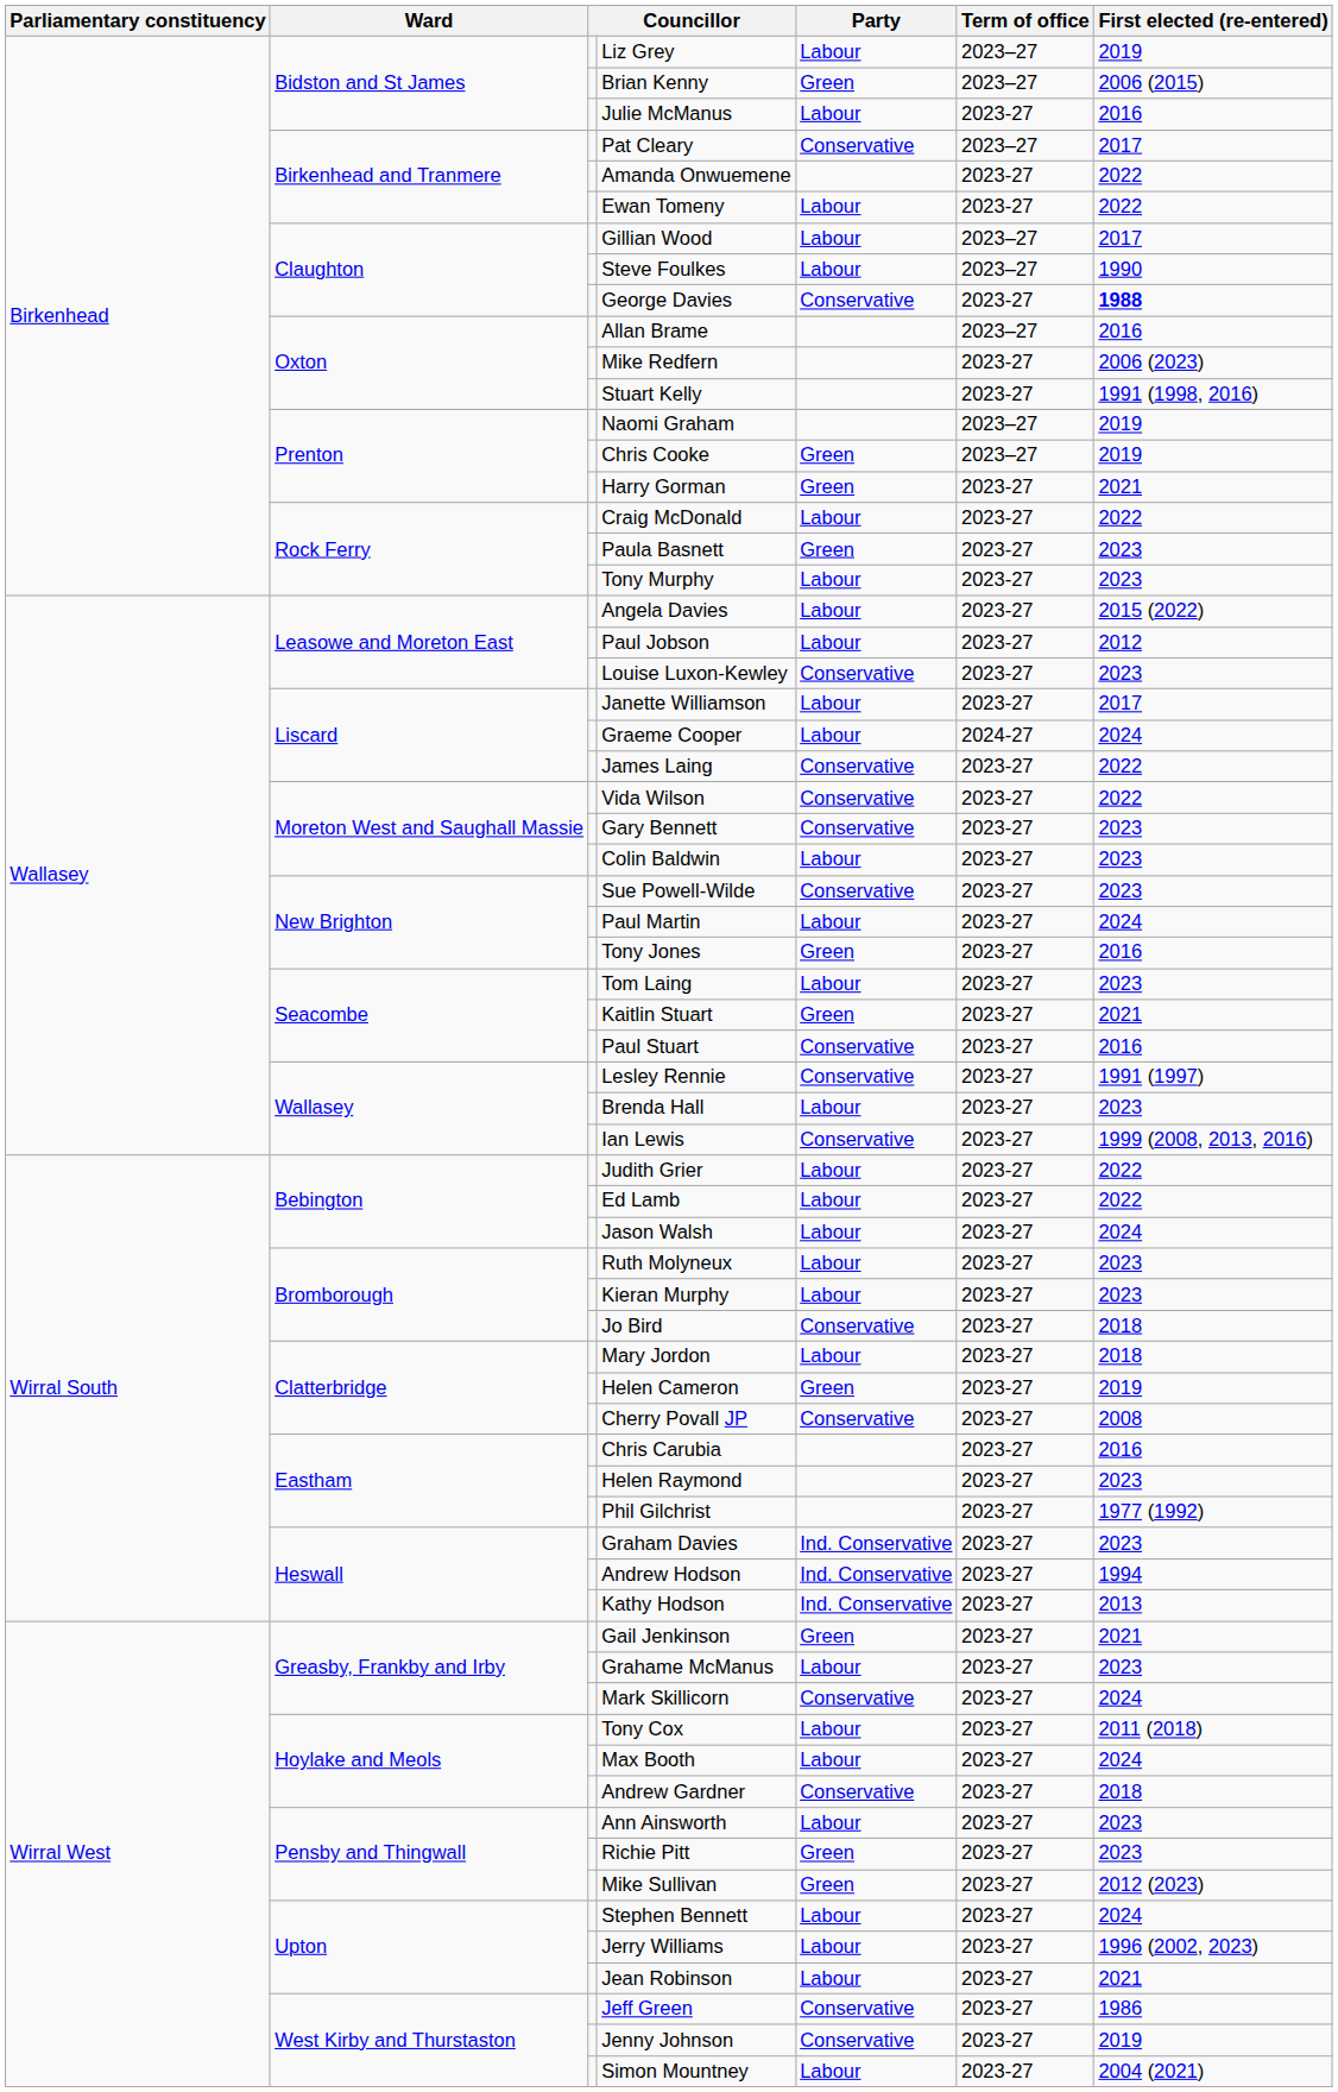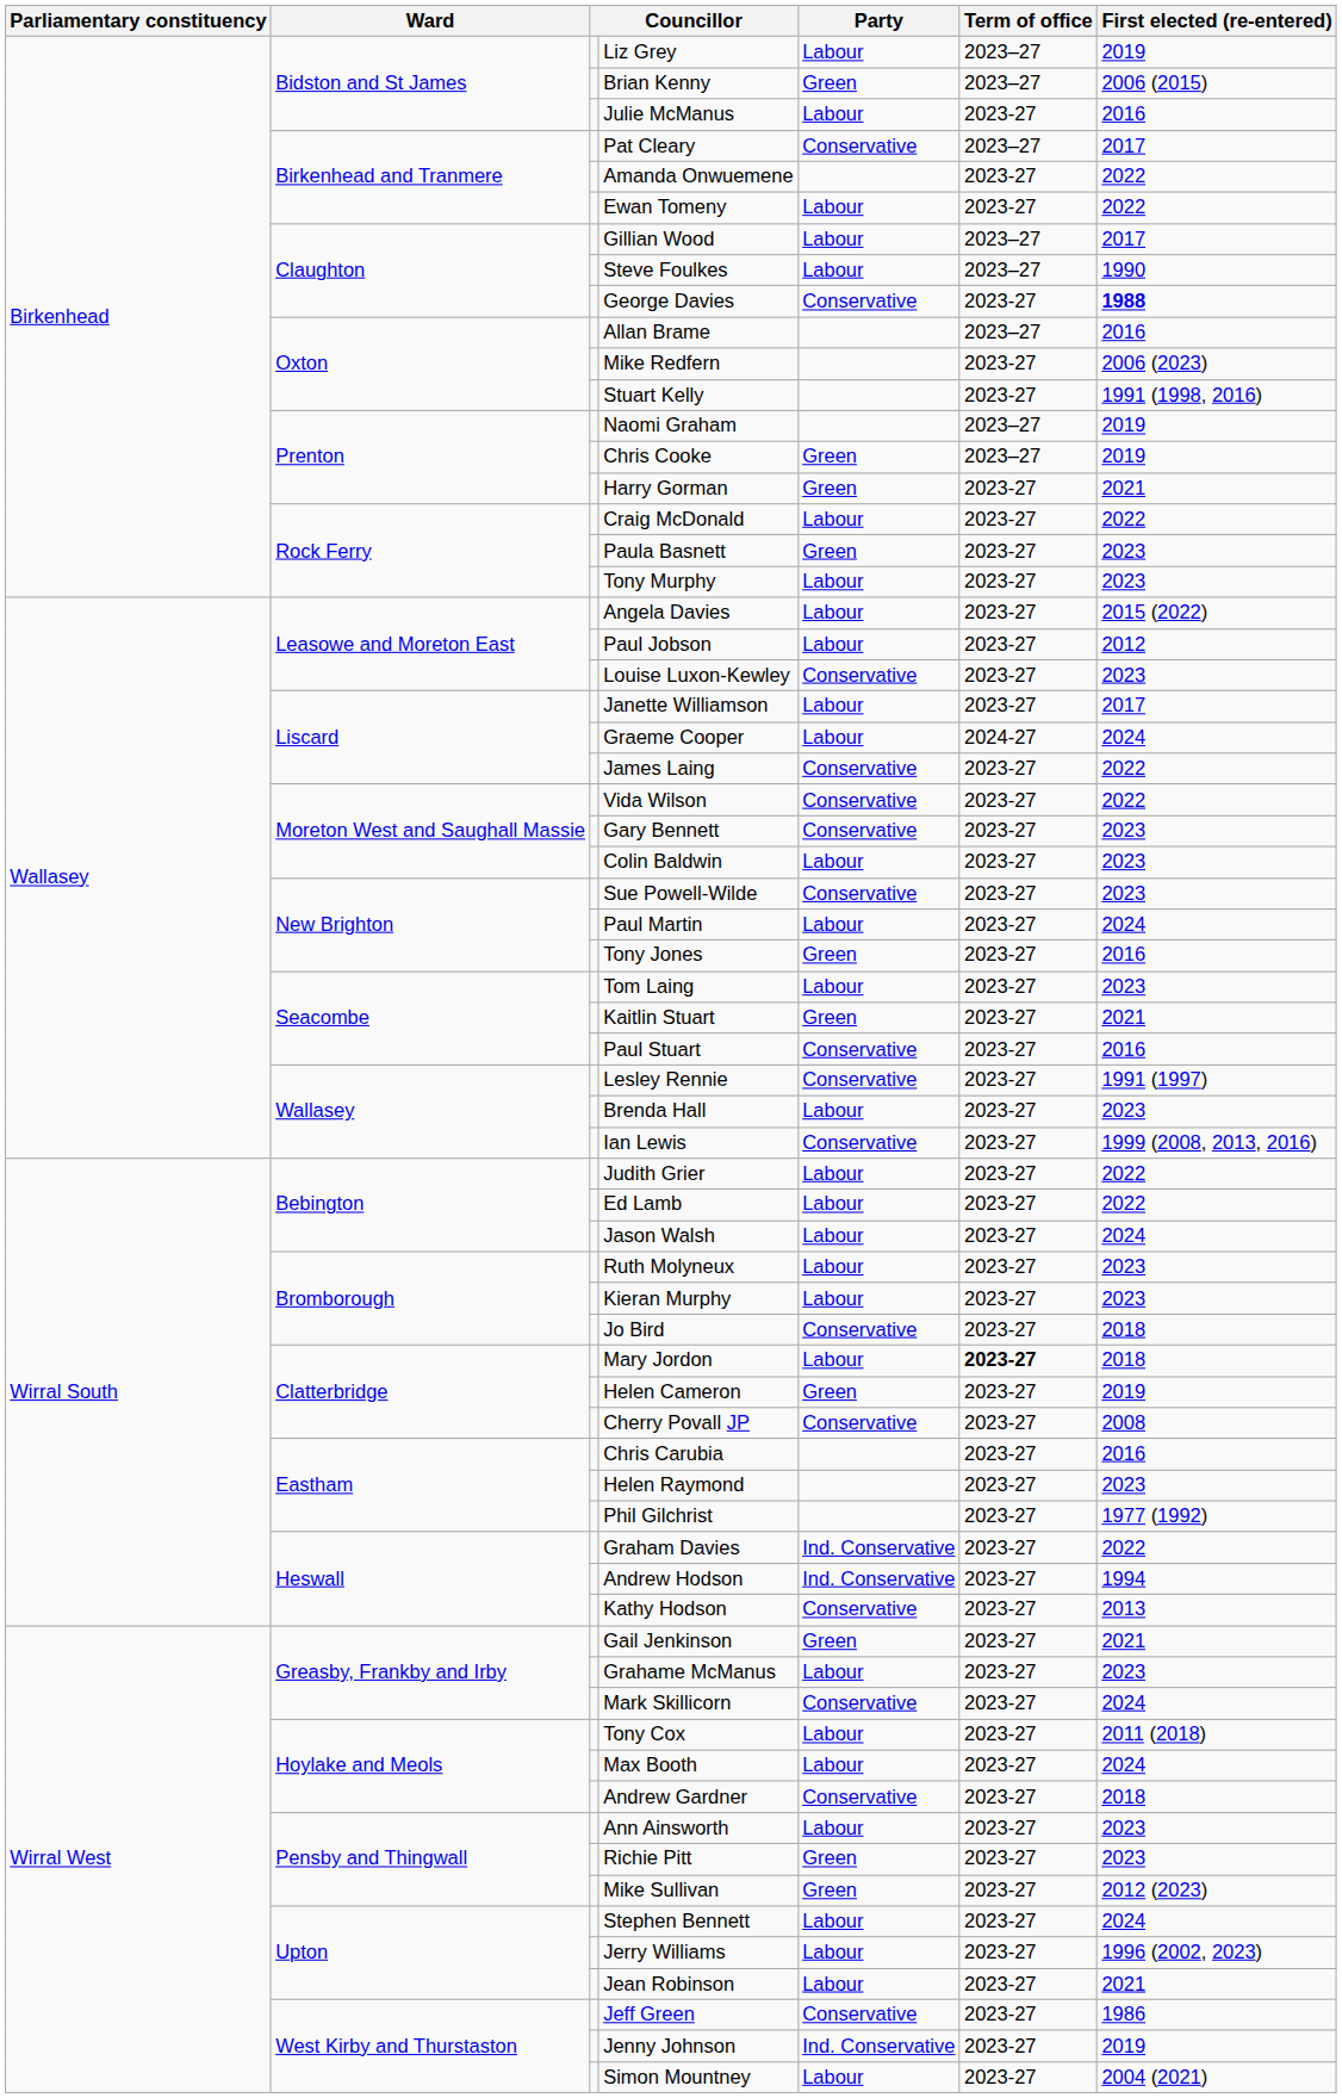 <table class="wikitable sortable">
 <tr>
 <th>Parliamentary constituency</th>
 <th>Ward</th>
 <th colspan="2">Councillor</th>
 <th>Party</th>
 <th>Term of office</th>
 <th>First elected (re-entered)</th>
 </tr>
 <tr>
 <td rowspan=18><a href='#'>Birkenhead</a></td>
 <td rowspan="3"><a href='#'>Bidston and St James</a></td>
 <td style="background-color: "></td>
 <td>Liz Grey</td>
 <td><a href='#'>Labour</a></td>
 <td>2023–27</td>
 <td><a href='#'>2019</a></td>
 </tr>
 <tr>
 <td style="background-color: "></td>
 <td>Brian Kenny</td>
 <td><a href='#'>Green</a></td>
 <td>2023–27</td>
 <td><a href='#'>2006</a> (<a href='#'>2015</a>)</td>
 </tr>
 <tr>
 <td style="background-color: "></td>
 <td>Julie McManus</td>
 <td><a href='#'>Labour</a></td>
 <td>2023-27</td>
 <td><a href='#'>2016</a></td>
 </tr>
 <tr>
 <td rowspan="3"><a href='#'>Birkenhead and Tranmere</a></td>
 <td style="background-color: "></td>
 <td>Pat Cleary</td>
 <td><a href='#'>Conservative</a></td>
 <td>2023–27</td>
 <td><a href='#'>2017</a></td>
 </tr>
 <tr>
 <td style="background-color: "></td>
 <td>Amanda Onwuemene</td>
 <td></td>
 <td>2023-27</td>
 <td><a href='#'>2022</a></td>
 </tr>
 <tr>
 <td style="background-color: "></td>
 <td>Ewan Tomeny</td>
 <td><a href='#'>Labour</a></td>
 <td>2023-27</td>
 <td><a href='#'>2022</a></td>
 </tr>
 <tr>
 <td rowspan="3"><a href='#'>Claughton</a></td>
 <td style="background-color: "></td>
 <td>Gillian Wood</td>
 <td><a href='#'>Labour</a></td>
 <td>2023–27</td>
 <td><a href='#'>2017</a></td>
 </tr>
 <tr>
 <td style="background-color: "></td>
 <td>Steve Foulkes</td>
 <td><a href='#'>Labour</a></td>
 <td>2023–27</td>
 <td><a href='#'>1990</a></td>
 </tr>
 <tr>
 <td style="background-color: "></td>
 <td>George Davies</td>
 <td><a href='#'>Conservative</a></td>
 <td>2023-27</td>
 <td><strong><a href='#'>1988</a></strong></td>
 </tr>
 <tr>
 <td rowspan="3"><a href='#'>Oxton</a></td>
 <td style="background-color: "></td>
 <td>Allan Brame</td>
 <td><a href='#'></a></td>
 <td>2023–27</td>
 <td><a href='#'>2016</a></td>
 </tr>
 <tr>
 <td style="background-color: "></td>
 <td>Mike Redfern</td>
 <td><a href='#'></a></td>
 <td>2023-27</td>
 <td><a href='#'>2006</a> (<a href='#'>2023</a>)</td>
 </tr>
 <tr>
 <td style="background-color: "></td>
 <td>Stuart Kelly</td>
 <td><a href='#'></a></td>
 <td>2023-27</td>
 <td><a href='#'>1991</a> (<a href='#'>1998</a>, <a href='#'>2016</a>)</td>
 </tr>
 <tr>
 <td rowspan="3"><a href='#'>Prenton</a></td>
 <td style="background-color: "></td>
 <td>Naomi Graham</td>
 <td></td>
 <td>2023–27</td>
 <td><a href='#'>2019</a></td>
 </tr>
 <tr>
 <td style="background-color: "></td>
 <td>Chris Cooke</td>
 <td><a href='#'>Green</a></td>
 <td>2023–27</td>
 <td><a href='#'>2019</a></td>
 </tr>
 <tr>
 <td style="background-color: "></td>
 <td>Harry Gorman</td>
 <td><a href='#'>Green</a></td>
 <td>2023-27</td>
 <td><a href='#'>2021</a></td>
 </tr>
 <tr>
 <td rowspan="3"><a href='#'>Rock Ferry</a></td>
 <td style="background-color: "></td>
 <td>Craig McDonald</td>
 <td><a href='#'>Labour</a></td>
 <td>2023-27</td>
 <td><a href='#'>2022</a></td>
 </tr>
 <tr>
 <td style="background-color: "></td>
 <td>Paula Basnett</td>
 <td><a href='#'>Green</a></td>
 <td>2023-27</td>
 <td><a href='#'>2023</a></td>
 </tr>
 <tr>
 <td style="background-color: "></td>
 <td>Tony Murphy</td>
 <td><a href='#'>Labour</a></td>
 <td>2023-27</td>
 <td><a href='#'>2023</a></td>
 </tr>
 <tr>
 <td rowspan=18><a href='#'>Wallasey</a></td>
 <td rowspan="3"><a href='#'>Leasowe and Moreton East</a></td>
 <td style="background-color: "></td>
 <td>Angela Davies</td>
 <td><a href='#'>Labour</a></td>
 <td>2023-27</td>
 <td><a href='#'>2015</a> (<a href='#'>2022</a>)</td>
 </tr>
 <tr>
 <td style="background-color: "></td>
 <td>Paul Jobson</td>
 <td><a href='#'>Labour</a></td>
 <td>2023-27</td>
 <td><a href='#'>2012</a></td>
 </tr>
 <tr>
 <td style="background-color: "></td>
 <td>Louise Luxon-Kewley</td>
 <td><a href='#'>Conservative</a></td>
 <td>2023-27</td>
 <td><a href='#'>2023</a></td>
 </tr>
 <tr>
 <td rowspan="3"><a href='#'>Liscard</a></td>
 <td style="background-color: "></td>
 <td>Janette Williamson</td>
 <td><a href='#'>Labour</a></td>
 <td>2023-27</td>
 <td><a href='#'>2017</a></td>
 </tr>
 <tr>
 <td style="background-color: "></td>
 <td>Graeme Cooper</td>
 <td><a href='#'>Labour</a></td>
 <td>2024-27</td>
 <td><a href='#'>2024</a></td>
 </tr>
 <tr>
 <td style="background-color: "></td>
 <td>James Laing</td>
 <td><a href='#'>Conservative</a></td>
 <td>2023-27</td>
 <td><a href='#'>2022</a></td>
 </tr>
 <tr>
 <td rowspan="3"><a href='#'>Moreton West and Saughall Massie</a></td>
 <td style="background-color: "></td>
 <td>Vida Wilson</td>
 <td><a href='#'>Conservative</a></td>
 <td>2023-27</td>
 <td><a href='#'>2022</a></td>
 </tr>
 <tr>
 <td style="background-color: "></td>
 <td>Gary Bennett</td>
 <td><a href='#'>Conservative</a></td>
 <td>2023-27</td>
 <td><a href='#'>2023</a></td>
 </tr>
 <tr>
 <td style="background-color: "></td>
 <td>Colin Baldwin</td>
 <td><a href='#'>Labour</a></td>
 <td>2023-27</td>
 <td><a href='#'>2023</a></td>
 </tr>
 <tr>
 <td rowspan="3"><a href='#'>New Brighton</a></td>
 <td style="background-color: "></td>
 <td>Sue Powell-Wilde</td>
 <td><a href='#'>Conservative</a></td>
 <td>2023-27</td>
 <td><a href='#'>2023</a></td>
 </tr>
 <tr>
 <td style="background-color: "></td>
 <td>Paul Martin</td>
 <td><a href='#'>Labour</a></td>
 <td>2023-27</td>
 <td><a href='#'>2024</a></td>
 </tr>
 <tr>
 <td style="background-color: "></td>
 <td>Tony Jones</td>
 <td><a href='#'>Green</a></td>
 <td>2023-27</td>
 <td><a href='#'>2016</a></td>
 </tr>
 <tr>
 <td rowspan="3"><a href='#'>Seacombe</a></td>
 <td style="background-color: "></td>
 <td>Tom Laing</td>
 <td><a href='#'>Labour</a></td>
 <td>2023-27</td>
 <td><a href='#'>2023</a></td>
 </tr>
 <tr>
 <td style="background-color: "></td>
 <td>Kaitlin Stuart</td>
 <td><a href='#'>Green</a> </td>
 <td>2023-27</td>
 <td><a href='#'>2021</a></td>
 </tr>
 <tr>
 <td style="background-color: "></td>
 <td>Paul Stuart</td>
 <td><a href='#'>Conservative</a></td>
 <td>2023-27</td>
 <td><a href='#'>2016</a></td>
 </tr>
 <tr>
 <td rowspan="3"><a href='#'>Wallasey</a></td>
 <td style="background-color: "></td>
 <td>Lesley Rennie</td>
 <td><a href='#'>Conservative</a></td>
 <td>2023-27</td>
 <td><a href='#'>1991</a> (<a href='#'>1997</a>)</td>
 </tr>
 <tr>
 <td style="background-color: "></td>
 <td>Brenda Hall</td>
 <td><a href='#'>Labour</a></td>
 <td>2023-27</td>
 <td><a href='#'>2023</a></td>
 </tr>
 <tr>
 <td style="background-color: "></td>
 <td>Ian Lewis</td>
 <td><a href='#'>Conservative</a></td>
 <td>2023-27</td>
 <td><a href='#'>1999</a> (<a href='#'>2008</a>, <a href='#'>2013</a>, <a href='#'>2016</a>)</td>
 </tr>
 <tr>
 <td rowspan=15><a href='#'>Wirral South</a></td>
 <td rowspan="3"><a href='#'>Bebington</a></td>
 <td style="background-color: "></td>
 <td>Judith Grier</td>
 <td><a href='#'>Labour</a></td>
 <td>2023-27</td>
 <td><a href='#'>2022</a></td>
 </tr>
 <tr>
 <td style="background-color: "></td>
 <td>Ed Lamb</td>
 <td><a href='#'>Labour</a></td>
 <td>2023-27</td>
 <td><a href='#'>2022</a></td>
 </tr>
 <tr>
 <td style="background-color: "></td>
 <td>Jason Walsh</td>
 <td><a href='#'>Labour</a></td>
 <td>2023-27</td>
 <td><a href='#'>2024</a></td>
 </tr>
 <tr>
 <td rowspan="3"><a href='#'>Bromborough</a></td>
 <td style="background-color: "></td>
 <td>Ruth Molyneux</td>
 <td><a href='#'>Labour</a></td>
 <td>2023-27</td>
 <td><a href='#'>2023</a></td>
 </tr>
 <tr>
 <td style="background-color: "></td>
 <td>Kieran Murphy</td>
 <td><a href='#'>Labour</a></td>
 <td>2023-27</td>
 <td><a href='#'>2023</a></td>
 </tr>
 <tr>
 <td style="background-color: "></td>
 <td>Jo Bird</td>
 <td><a href='#'>Conservative</a></td>
 <td>2023-27</td>
 <td><a href='#'>2018</a></td>
 </tr>
 <tr>
 <td rowspan="3"><a href='#'>Clatterbridge</a></td>
 <td style="background-color: "></td>
 <td>Mary Jordon</td>
 <td><a href='#'>Labour</a></td>
-<td>2023-27</td>
+<td><strong>2023-27</strong></td>
 <td><a href='#'>2018</a></td>
 </tr>
 <tr>
 <td style="background-color: "></td>
 <td>Helen Cameron</td>
 <td><a href='#'>Green</a> </td>
 <td>2023-27</td>
 <td><a href='#'>2019</a></td>
 </tr>
 <tr>
 <td style="background-color: "></td>
 <td>Cherry Povall <a href='#'>JP</a></td>
 <td><a href='#'>Conservative</a></td>
 <td>2023-27</td>
 <td><a href='#'>2008</a></td>
 </tr>
 <tr>
 <td rowspan="3"><a href='#'>Eastham</a></td>
 <td style="background-color: "></td>
 <td>Chris Carubia</td>
 <td><a href='#'></a></td>
 <td>2023-27</td>
 <td><a href='#'>2016</a></td>
 </tr>
 <tr>
 <td style="background-color: "></td>
 <td>Helen Raymond</td>
 <td><a href='#'></a></td>
 <td>2023-27</td>
 <td><a href='#'>2023</a></td>
 </tr>
 <tr>
 <td style="background-color: "></td>
 <td>Phil Gilchrist</td>
 <td><a href='#'></a></td>
 <td>2023-27</td>
 <td><a href='#'>1977</a> (<a href='#'>1992</a>)</td>
 </tr>
 <tr>
 <td rowspan="3"><a href='#'>Heswall</a></td>
 <td style="background-color: "></td>
 <td>Graham Davies</td>
 <td><a href='#'>Ind. Conservative</a></td>
 <td>2023-27</td>
-<td><a href='#'>2023</a></td>
+<td><a href='#'>2022</a></td>
 </tr>
 <tr>
 <td style="background-color: "></td>
 <td>Andrew Hodson</td>
 <td><a href='#'>Ind. Conservative</a></td>
 <td>2023-27</td>
 <td><a href='#'>1994</a></td>
 </tr>
 <tr>
 <td style="background-color: "></td>
 <td>Kathy Hodson</td>
-<td><a href='#'>Ind. Conservative</a></td>
+<td><a href='#'>Conservative</a></td>
 <td>2023-27</td>
 <td><a href='#'>2013</a></td>
 </tr>
 <tr>
 <td rowspan=15><a href='#'>Wirral West</a></td>
 <td rowspan="3"><a href='#'>Greasby, Frankby and Irby</a></td>
 <td style="background-color: "></td>
 <td>Gail Jenkinson</td>
 <td><a href='#'>Green</a></td>
 <td>2023-27</td>
 <td><a href='#'>2021</a></td>
 </tr>
 <tr>
 <td style="background-color: "></td>
 <td>Grahame McManus</td>
 <td><a href='#'>Labour</a></td>
 <td>2023-27</td>
 <td><a href='#'>2023</a></td>
 </tr>
 <tr>
 <td style="background-color: "></td>
 <td>Mark Skillicorn</td>
 <td><a href='#'>Conservative</a></td>
 <td>2023-27</td>
 <td><a href='#'>2024</a></td>
 </tr>
 <tr>
 <td rowspan="3"><a href='#'>Hoylake and Meols</a></td>
 <td style="background-color: "></td>
 <td>Tony Cox</td>
 <td><a href='#'>Labour</a></td>
 <td>2023-27</td>
 <td><a href='#'>2011</a> (<a href='#'>2018</a>)</td>
 </tr>
 <tr>
 <td style="background-color: "></td>
 <td>Max Booth</td>
 <td><a href='#'>Labour</a></td>
 <td>2023-27</td>
 <td><a href='#'>2024</a></td>
 </tr>
 <tr>
 <td style="background-color: "></td>
 <td>Andrew Gardner</td>
 <td><a href='#'>Conservative</a></td>
 <td>2023-27</td>
 <td><a href='#'>2018</a></td>
 </tr>
 <tr>
 <td rowspan="3"><a href='#'>Pensby and Thingwall</a></td>
 <td style="background-color: "></td>
 <td>Ann Ainsworth</td>
 <td><a href='#'>Labour</a></td>
 <td>2023-27</td>
 <td><a href='#'>2023</a></td>
 </tr>
 <tr>
 <td style="background-color: "></td>
 <td>Richie Pitt</td>
 <td><a href='#'>Green</a></td>
 <td>2023-27</td>
 <td><a href='#'>2023</a></td>
 </tr>
 <tr>
 <td style="background-color: "></td>
 <td>Mike Sullivan</td>
 <td><a href='#'>Green</a></td>
 <td>2023-27</td>
 <td><a href='#'>2012</a> (<a href='#'>2023</a>)</td>
 </tr>
 <tr>
 <td rowspan="3"><a href='#'>Upton</a></td>
 <td style="background-color: "></td>
 <td>Stephen Bennett</td>
 <td><a href='#'>Labour</a></td>
 <td>2023-27</td>
 <td><a href='#'>2024</a></td>
 </tr>
 <tr>
 <td style="background-color: "></td>
 <td>Jerry Williams</td>
 <td><a href='#'>Labour</a></td>
 <td>2023-27</td>
 <td><a href='#'>1996</a> (<a href='#'>2002</a>, <a href='#'>2023</a>)</td>
 </tr>
 <tr>
 <td style="background-color: "></td>
 <td>Jean Robinson</td>
 <td><a href='#'>Labour</a></td>
 <td>2023-27</td>
 <td><a href='#'>2021</a></td>
 </tr>
 <tr>
 <td rowspan="3"><a href='#'>West Kirby and Thurstaston</a></td>
 <td style="background-color: "></td>
 <td><a href='#'>Jeff Green</a></td>
 <td><a href='#'>Conservative</a></td>
 <td>2023-27</td>
 <td><a href='#'>1986</a></td>
 </tr>
 <tr>
 <td style="background-color: "></td>
 <td>Jenny Johnson</td>
-<td><a href='#'>Conservative</a></td>
+<td><a href='#'>Ind. Conservative</a></td>
 <td>2023-27</td>
 <td><a href='#'>2019</a></td>
 </tr>
 <tr>
 <td style="background-color: "></td>
 <td>Simon Mountney</td>
 <td><a href='#'>Labour</a></td>
 <td>2023-27</td>
 <td><a href='#'>2004</a> (<a href='#'>2021</a>)</td>
 </tr>
 </table>
